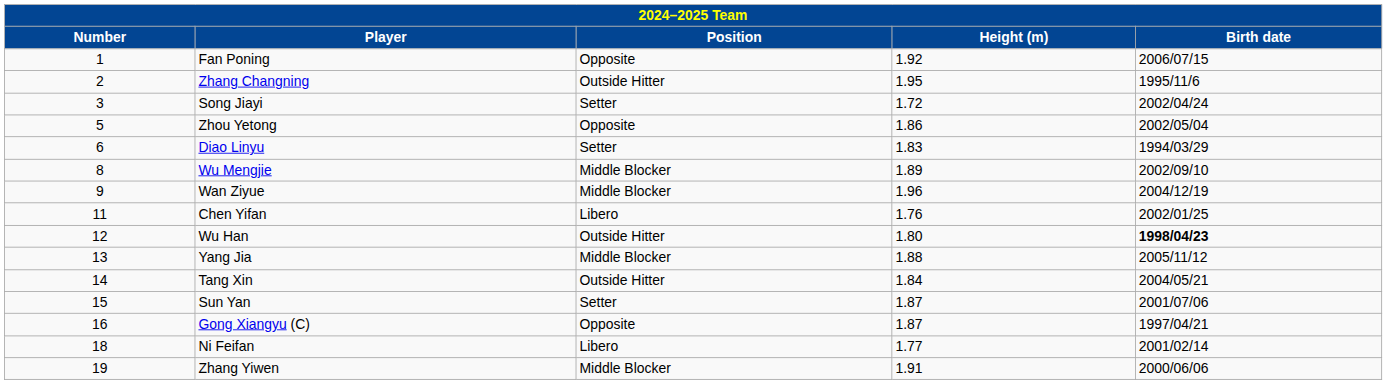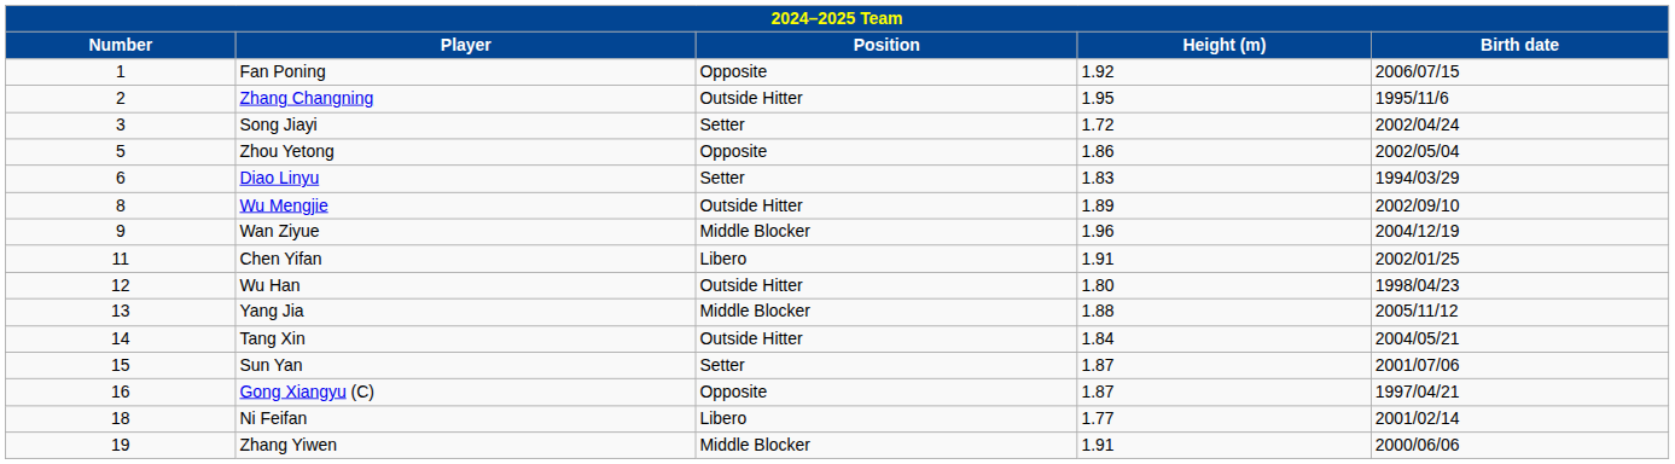 <table class="wikitable" style="width:100%;">
 <tr>
 <th style="color:#ffff00; background:#024593;" colspan=6><strong>2024–2025 Team</strong></th>
 </tr>
 <tr>
 <th style="color:#ffffff; background:#024593;">Number</th>
 <th style="color:#ffffff; background:#024593;">Player</th>
 <th style="color:#ffffff; background:#024593;">Position</th>
 <th style="color:#ffffff; background:#024593;">Height (m)</th>
 <th style="color:#ffffff; background:#024593;">Birth date</th>
 </tr>
 <tr align=left>
 <td align=center>1</td>
 <td> Fan Poning</td>
 <td>Opposite</td>
 <td>1.92</td>
 <td>2006/07/15</td>
 </tr>
 <tr align="left">
 <td align=center>2</td>
 <td> <a href='#'>Zhang Changning</a></td>
 <td>Outside Hitter</td>
 <td>1.95</td>
 <td>1995/11/6</td>
 </tr>
 <tr align="left">
 <td align=center>3</td>
 <td> Song Jiayi</td>
 <td>Setter</td>
 <td>1.72</td>
 <td>2002/04/24</td>
 </tr>
 <tr align="left">
 <td align=center>5</td>
 <td> Zhou Yetong</td>
 <td>Opposite</td>
 <td>1.86</td>
 <td>2002/05/04</td>
 </tr>
 <tr align="left">
 <td align=center>6</td>
 <td> <a href='#'>Diao Linyu</a></td>
 <td>Setter</td>
 <td>1.83</td>
 <td>1994/03/29</td>
 </tr>
 <tr align="left">
 <td align=center>8</td>
 <td> <a href='#'>Wu Mengjie</a></td>
-<td>Middle Blocker</td>
+<td>Outside Hitter</td>
 <td>1.89</td>
 <td>2002/09/10</td>
 </tr>
 <tr align="left">
 <td align=center>9</td>
 <td> Wan Ziyue</td>
 <td>Middle Blocker</td>
 <td>1.96</td>
 <td>2004/12/19</td>
 </tr>
 <tr align="left">
 <td align=center>11</td>
 <td> Chen Yifan</td>
 <td>Libero</td>
-<td>1.76</td>
+<td>1.91</td>
 <td>2002/01/25</td>
 </tr>
 <tr align="left">
 <td align=center>12</td>
 <td> Wu Han</td>
 <td>Outside Hitter</td>
 <td>1.80</td>
-<td><strong>1998/04/23</strong></td>
+<td>1998/04/23</td>
 </tr>
 <tr align="left">
 <td align=center>13</td>
 <td> Yang Jia</td>
 <td>Middle Blocker</td>
 <td>1.88</td>
 <td>2005/11/12</td>
 </tr>
 <tr align="left">
 <td align=center>14</td>
 <td> Tang Xin</td>
 <td>Outside Hitter</td>
 <td>1.84</td>
 <td>2004/05/21</td>
 </tr>
 <tr align="left">
 <td align=center>15</td>
 <td> Sun Yan</td>
 <td>Setter</td>
 <td>1.87</td>
 <td>2001/07/06</td>
 </tr>
 <tr align="left">
 <td align=center>16</td>
 <td> <a href='#'>Gong Xiangyu</a> (C)</td>
 <td>Opposite</td>
 <td>1.87</td>
 <td>1997/04/21</td>
 </tr>
 <tr align="left">
 <td align=center>18</td>
 <td> Ni Feifan</td>
 <td>Libero</td>
 <td>1.77</td>
 <td>2001/02/14</td>
 </tr>
 <tr>
 <td align=center>19</td>
 <td> Zhang Yiwen</td>
 <td>Middle Blocker</td>
 <td>1.91</td>
 <td>2000/06/06</td>
 </tr>
 </table>
